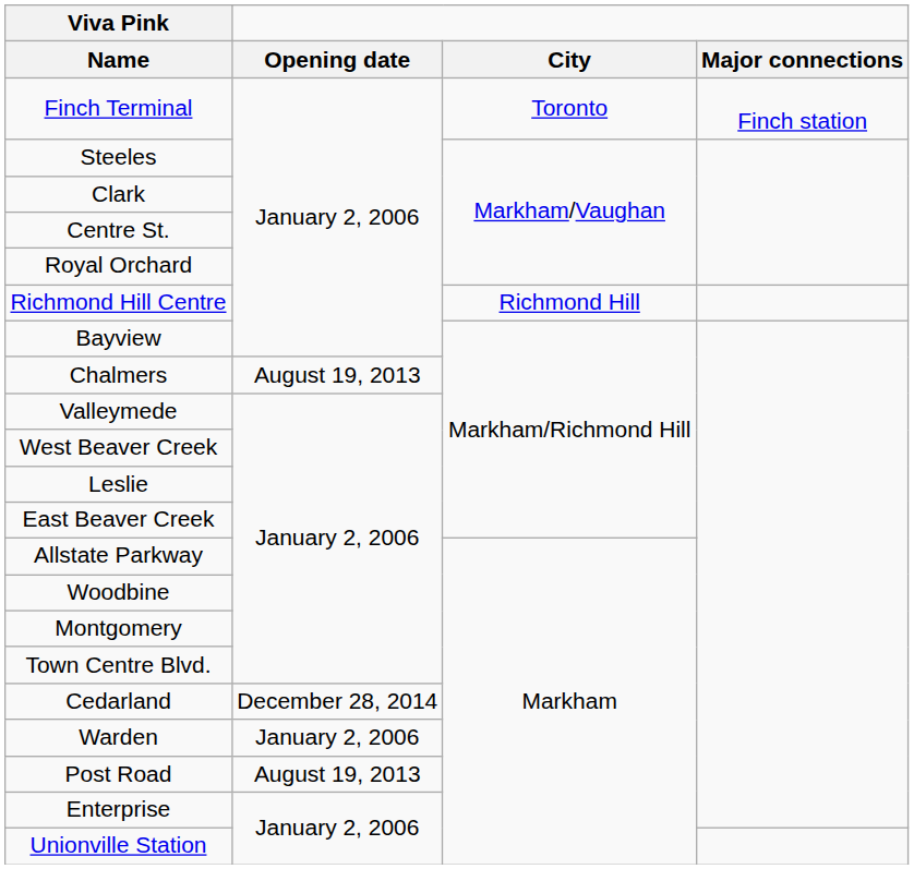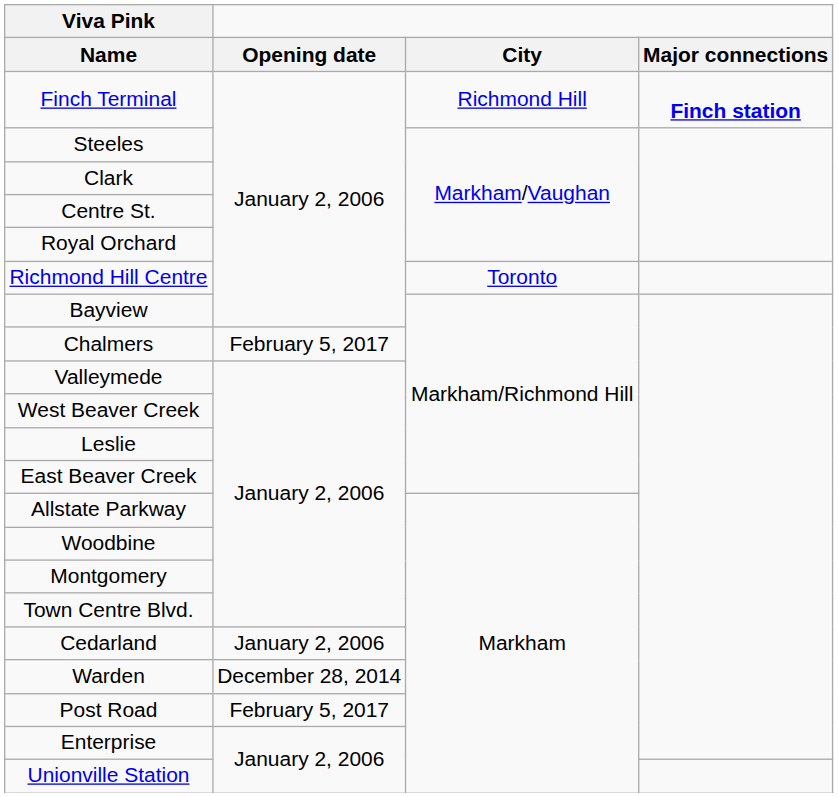 <table class="wikitable" style="text-align:center">
 <tr>
 <th style="background:#">Viva Pink </th>
 </tr>
 <tr>
 <th colspan=2>Name</th>
 <th>Opening date</th>
 <th>City</th>
 <th>Major connections</th>
 </tr>
 <tr>
 <td colspan=2><a href='#'>Finch Terminal</a></td>
 <td rowspan = 7>January 2, 2006</td>
-<td><a href='#'>Toronto</a></td>
-<td> <br> <a href='#'>Finch station</a></td>
+<td><a href='#'>Richmond Hill</a></td>
+<td><strong> <br> <a href='#'>Finch station</a></strong></td>
 </tr>
 <tr>
 <td colspan=2>Steeles</td>
 <td rowspan = 4><a href='#'>Markham</a>/<a href='#'>Vaughan</a></td>
 <td rowspan = 4></td>
 </tr>
 <tr>
 <td colspan=2>Clark</td>
 </tr>
 <tr>
 <td colspan=2>Centre St.</td>
 </tr>
 <tr>
 <td colspan=2>Royal Orchard</td>
 </tr>
 <tr>
 <td colspan=2><a href='#'>Richmond Hill Centre</a></td>
-<td><a href='#'>Richmond Hill</a></td>
+<td><a href='#'>Toronto</a></td>
 <td>  <br> </td>
 </tr>
 <tr>
 <td colspan=2>Bayview</td>
 <td rowspan = 6>Markham/Richmond Hill</td>
 <td rowspan = 14></td>
 </tr>
 <tr>
 <td colspan=2>Chalmers</td>
-<td>August 19, 2013</td>
+<td>February 5, 2017</td>
 </tr>
 <tr>
 <td colspan=2>Valleymede</td>
 <td rowspan = 8>January 2, 2006</td>
 </tr>
 <tr>
 <td colspan=2>West Beaver Creek</td>
 </tr>
 <tr>
 <td colspan=2>Leslie</td>
 </tr>
 <tr>
 <td colspan=2>East Beaver Creek</td>
 </tr>
 <tr>
 <td colspan=2>Allstate Parkway</td>
 <td rowspan = 9>Markham</td>
 </tr>
 <tr>
 <td colspan=2>Woodbine</td>
 </tr>
 <tr>
 <td colspan=2>Montgomery</td>
 </tr>
 <tr>
 <td colspan=2>Town Centre Blvd.</td>
 </tr>
 <tr>
 <td colspan=2>Cedarland</td>
+<td>January 2, 2006</td>
+</tr>
+<tr>
+<td colspan=2>Warden</td>
 <td>December 28, 2014</td>
 </tr>
 <tr>
-<td colspan=2>Warden</td>
-<td>January 2, 2006</td>
-</tr>
-<tr>
 <td colspan=2>Post Road</td>
-<td>August 19, 2013</td>
+<td>February 5, 2017</td>
 </tr>
 <tr>
 <td colspan=2>Enterprise</td>
 <td rowspan="2">January 2, 2006</td>
 </tr>
 <tr>
 <td colspan=2><a href='#'>Unionville Station</a></td>
 <td> </td>
 </tr>
 </table>
